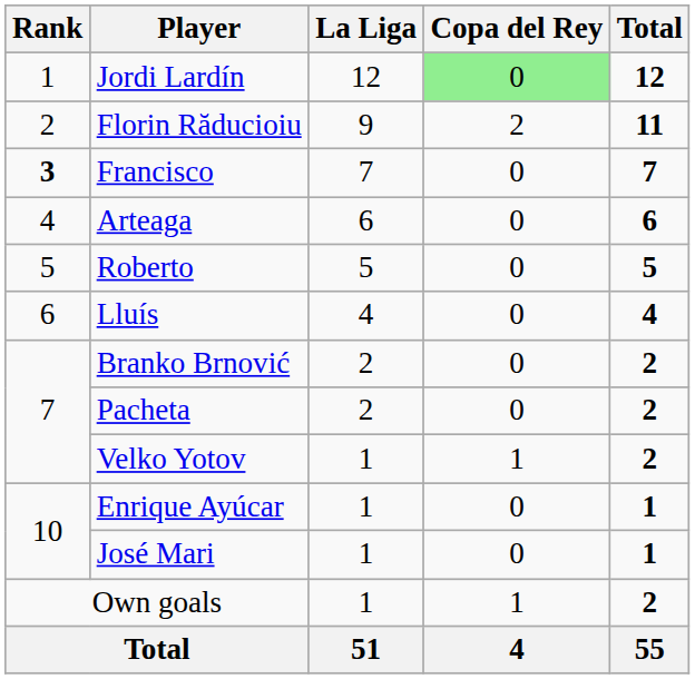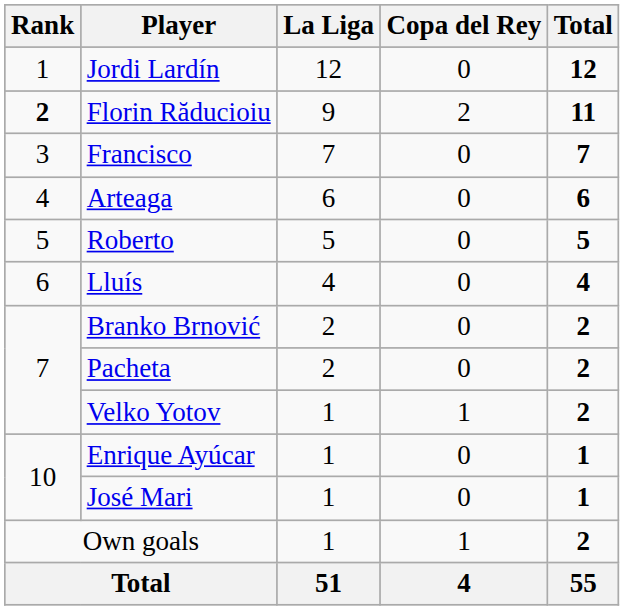 <table class="wikitable" style="text-align:center;">
 <tr>
 <th>Rank</th>
 <th>Player</th>
 <th>La Liga</th>
 <th>Copa del Rey</th>
 <th>Total</th>
 </tr>
 <tr>
 <td>1</td>
 <td align=left> <a href='#'>Jordi Lardín</a></td>
 <td>12</td>
-<td style="background: lightgreen;">0</td>
+<td>0</td>
 <td><strong>12</strong></td>
 </tr>
 <tr>
-<td>2</td>
+<td><strong>2</strong></td>
 <td align=left> <a href='#'>Florin Răducioiu</a></td>
 <td>9</td>
 <td>2</td>
 <td><strong>11</strong></td>
 </tr>
 <tr>
-<td><strong>3</strong></td>
+<td>3</td>
 <td align=left> <a href='#'>Francisco</a></td>
 <td>7</td>
 <td>0</td>
 <td><strong>7</strong></td>
 </tr>
 <tr>
 <td>4</td>
 <td align=left> <a href='#'>Arteaga</a></td>
 <td>6</td>
 <td>0</td>
 <td><strong>6</strong></td>
 </tr>
 <tr>
 <td>5</td>
 <td align=left> <a href='#'>Roberto</a></td>
 <td>5</td>
 <td>0</td>
 <td><strong>5</strong></td>
 </tr>
 <tr>
 <td>6</td>
 <td align=left> <a href='#'>Lluís</a></td>
 <td>4</td>
 <td>0</td>
 <td><strong>4</strong></td>
 </tr>
 <tr>
 <td rowspan="3">7</td>
 <td align=left> <a href='#'>Branko Brnović</a></td>
 <td>2</td>
 <td>0</td>
 <td><strong>2</strong></td>
 </tr>
 <tr>
 <td align=left> <a href='#'>Pacheta</a></td>
 <td>2</td>
 <td>0</td>
 <td><strong>2</strong></td>
 </tr>
 <tr>
 <td align=left> <a href='#'>Velko Yotov</a></td>
 <td>1</td>
 <td>1</td>
 <td><strong>2</strong></td>
 </tr>
 <tr>
 <td rowspan="2">10</td>
 <td align=left> <a href='#'>Enrique Ayúcar</a></td>
 <td>1</td>
 <td>0</td>
 <td><strong>1</strong></td>
 </tr>
 <tr>
 <td align=left> <a href='#'>José Mari</a></td>
 <td>1</td>
 <td>0</td>
 <td><strong>1</strong></td>
 </tr>
 <tr>
 <td align=center colspan=2>Own goals</td>
 <td>1</td>
 <td>1</td>
 <td><strong>2</strong></td>
 </tr>
 <tr>
 <th colspan=2>Total</th>
 <th>51</th>
 <th>4</th>
 <th>55</th>
 </tr>
 </table>
